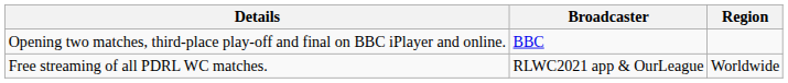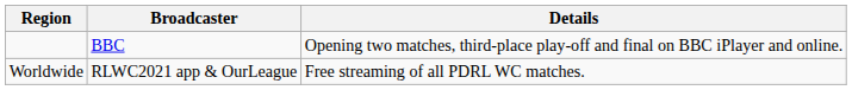 <table class="wikitable">
 <tr>
+<th>Region</th>
+<th>Broadcaster</th>
 <th>Details</th>
-<th>Broadcaster</th>
-<th>Region</th>
 </tr>
 <tr>
+<td></td>
+<td><a href='#'>BBC</a></td>
 <td>Opening two matches, third-place play-off and final on BBC iPlayer and online.</td>
-<td><a href='#'>BBC</a></td>
-<td></td>
 </tr>
 <tr>
+<td>Worldwide</td>
+<td>RLWC2021 app & OurLeague</td>
 <td>Free streaming of all PDRL WC matches.</td>
-<td>RLWC2021 app & OurLeague</td>
-<td>Worldwide</td>
 </tr>
 </table>
